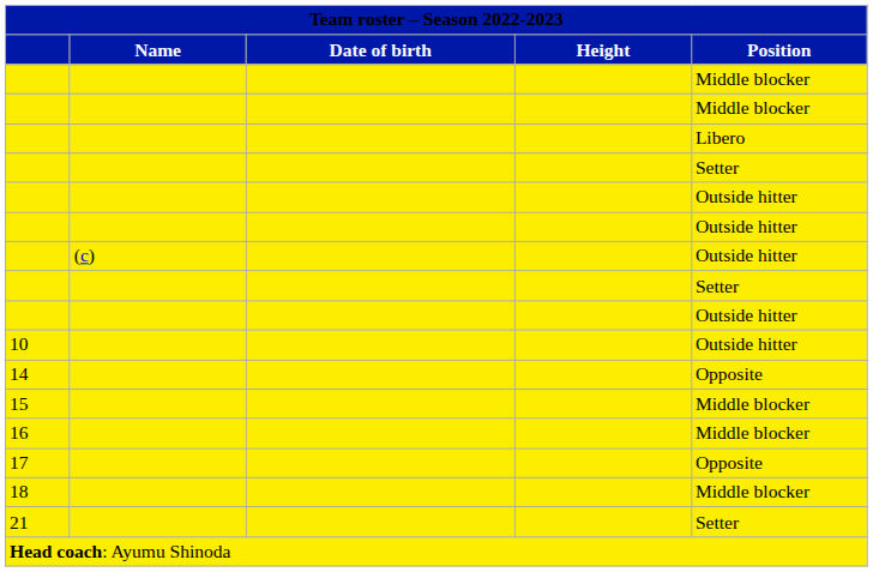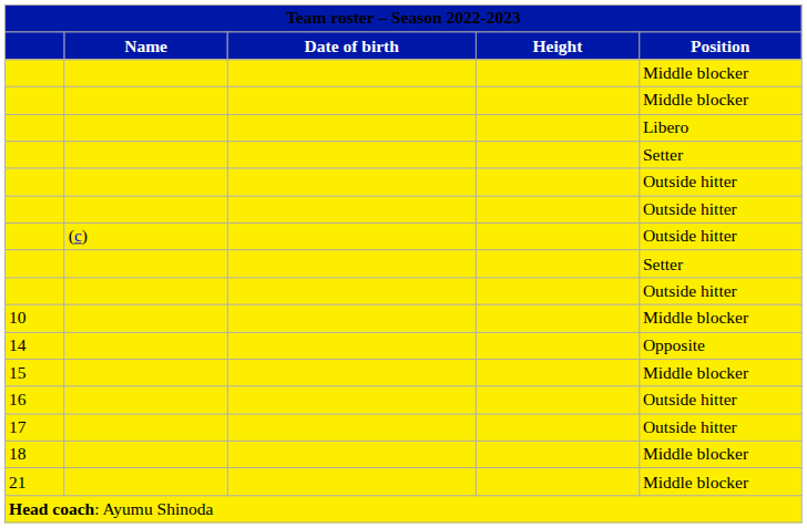 <table class="wikitable collapsible collapsed" style="font-size:">
 <tr>
 <th style="background-color:#0018A8" colspan="6"><span> Team roster – Season 2022-2023</span></th>
 </tr>
 <tr>
 <th style="width:3em; color:#FFFFFF; background-color:#0018A8"></th>
 <th style="width:9em; color:#FFFFFF; background-color:#0018A8">Name</th>
 <th style="width:14em; color:#FFFFFF; background-color:#0018A8">Date of birth</th>
 <th style="width:9em; color:#FFFFFF; background-color:#0018A8">Height</th>
 <th style="width:9em; color:#FFFFFF; background-color:#0018A8">Position</th>
 </tr>
 <tr bgcolor=#FDEE00>
 <td></td>
 <td style="text-align:left;"></td>
 <td style="text-align:right;"></td>
 <td align=right></td>
 <td>Middle blocker</td>
 </tr>
 <tr bgcolor=#FDEE00>
 <td></td>
 <td style="text-align:left;"></td>
 <td style="text-align:right;"></td>
 <td align=right></td>
 <td>Middle blocker</td>
 </tr>
 <tr bgcolor=#FDEE00>
 <td></td>
 <td style="text-align:left;"></td>
 <td style="text-align:right;"></td>
 <td align=right></td>
 <td>Libero</td>
 </tr>
 <tr bgcolor=#FDEE00>
 <td></td>
 <td style="text-align:left;"></td>
 <td style="text-align:right;"></td>
 <td align=right></td>
 <td>Setter</td>
 </tr>
 <tr bgcolor=#FDEE00>
 <td></td>
 <td style="text-align:left;"></td>
 <td style="text-align:right;"></td>
 <td align=right></td>
 <td>Outside hitter</td>
 </tr>
 <tr bgcolor=#FDEE00>
 <td></td>
 <td style="text-align:left;"></td>
 <td style="text-align:right;"></td>
 <td align=right></td>
 <td>Outside hitter</td>
 </tr>
 <tr bgcolor=#FDEE00>
 <td></td>
 <td style="text-align:left;"> (<a href='#'>c</a>)</td>
 <td style="text-align:right;"></td>
 <td align=right></td>
 <td>Outside hitter</td>
 </tr>
 <tr bgcolor=#FDEE00>
 <td></td>
 <td style="text-align:left;"></td>
 <td style="text-align:right;"></td>
 <td align=right></td>
 <td>Setter</td>
 </tr>
 <tr bgcolor=#FDEE00>
 <td></td>
 <td style="text-align:left;"></td>
 <td style="text-align:right;"></td>
 <td align=right></td>
 <td>Outside hitter</td>
 </tr>
 <tr bgcolor=#FDEE00>
 <td>10</td>
 <td align=left></td>
 <td align=right></td>
 <td align=right></td>
-<td>Outside hitter</td>
+<td>Middle blocker</td>
 </tr>
 <tr bgcolor=#FDEE00>
 <td>14</td>
 <td style="text-align:left;"> </td>
 <td style="text-align:right;"></td>
 <td align=right></td>
 <td>Opposite</td>
 </tr>
 <tr bgcolor=#FDEE00>
 <td>15</td>
 <td style="text-align:left;"></td>
 <td style="text-align:right;"></td>
 <td align=right></td>
 <td>Middle blocker</td>
 </tr>
 <tr bgcolor=#FDEE00>
 <td>16</td>
 <td style="text-align:left;"></td>
 <td style="text-align:right;"></td>
 <td align=right></td>
-<td>Middle blocker</td>
+<td>Outside hitter</td>
 </tr>
 <tr bgcolor=#FDEE00>
 <td>17</td>
 <td style="text-align:left;"></td>
 <td style="text-align:right;"></td>
 <td align=right></td>
-<td>Opposite</td>
+<td>Outside hitter</td>
 </tr>
 <tr bgcolor=#FDEE00>
 <td>18</td>
 <td style="text-align:left;"></td>
 <td style="text-align:right;"></td>
 <td align=right></td>
 <td>Middle blocker</td>
 </tr>
 <tr bgcolor=#FDEE00>
 <td>21</td>
 <td style="text-align:left;"></td>
 <td style="text-align:right;"></td>
 <td align=right></td>
-<td>Setter</td>
+<td>Middle blocker</td>
 </tr>
 <tr bgcolor=#FDEE00>
 <td colspan=5><strong>Head coach</strong>:  Ayumu Shinoda</td>
 </tr>
 </table>
